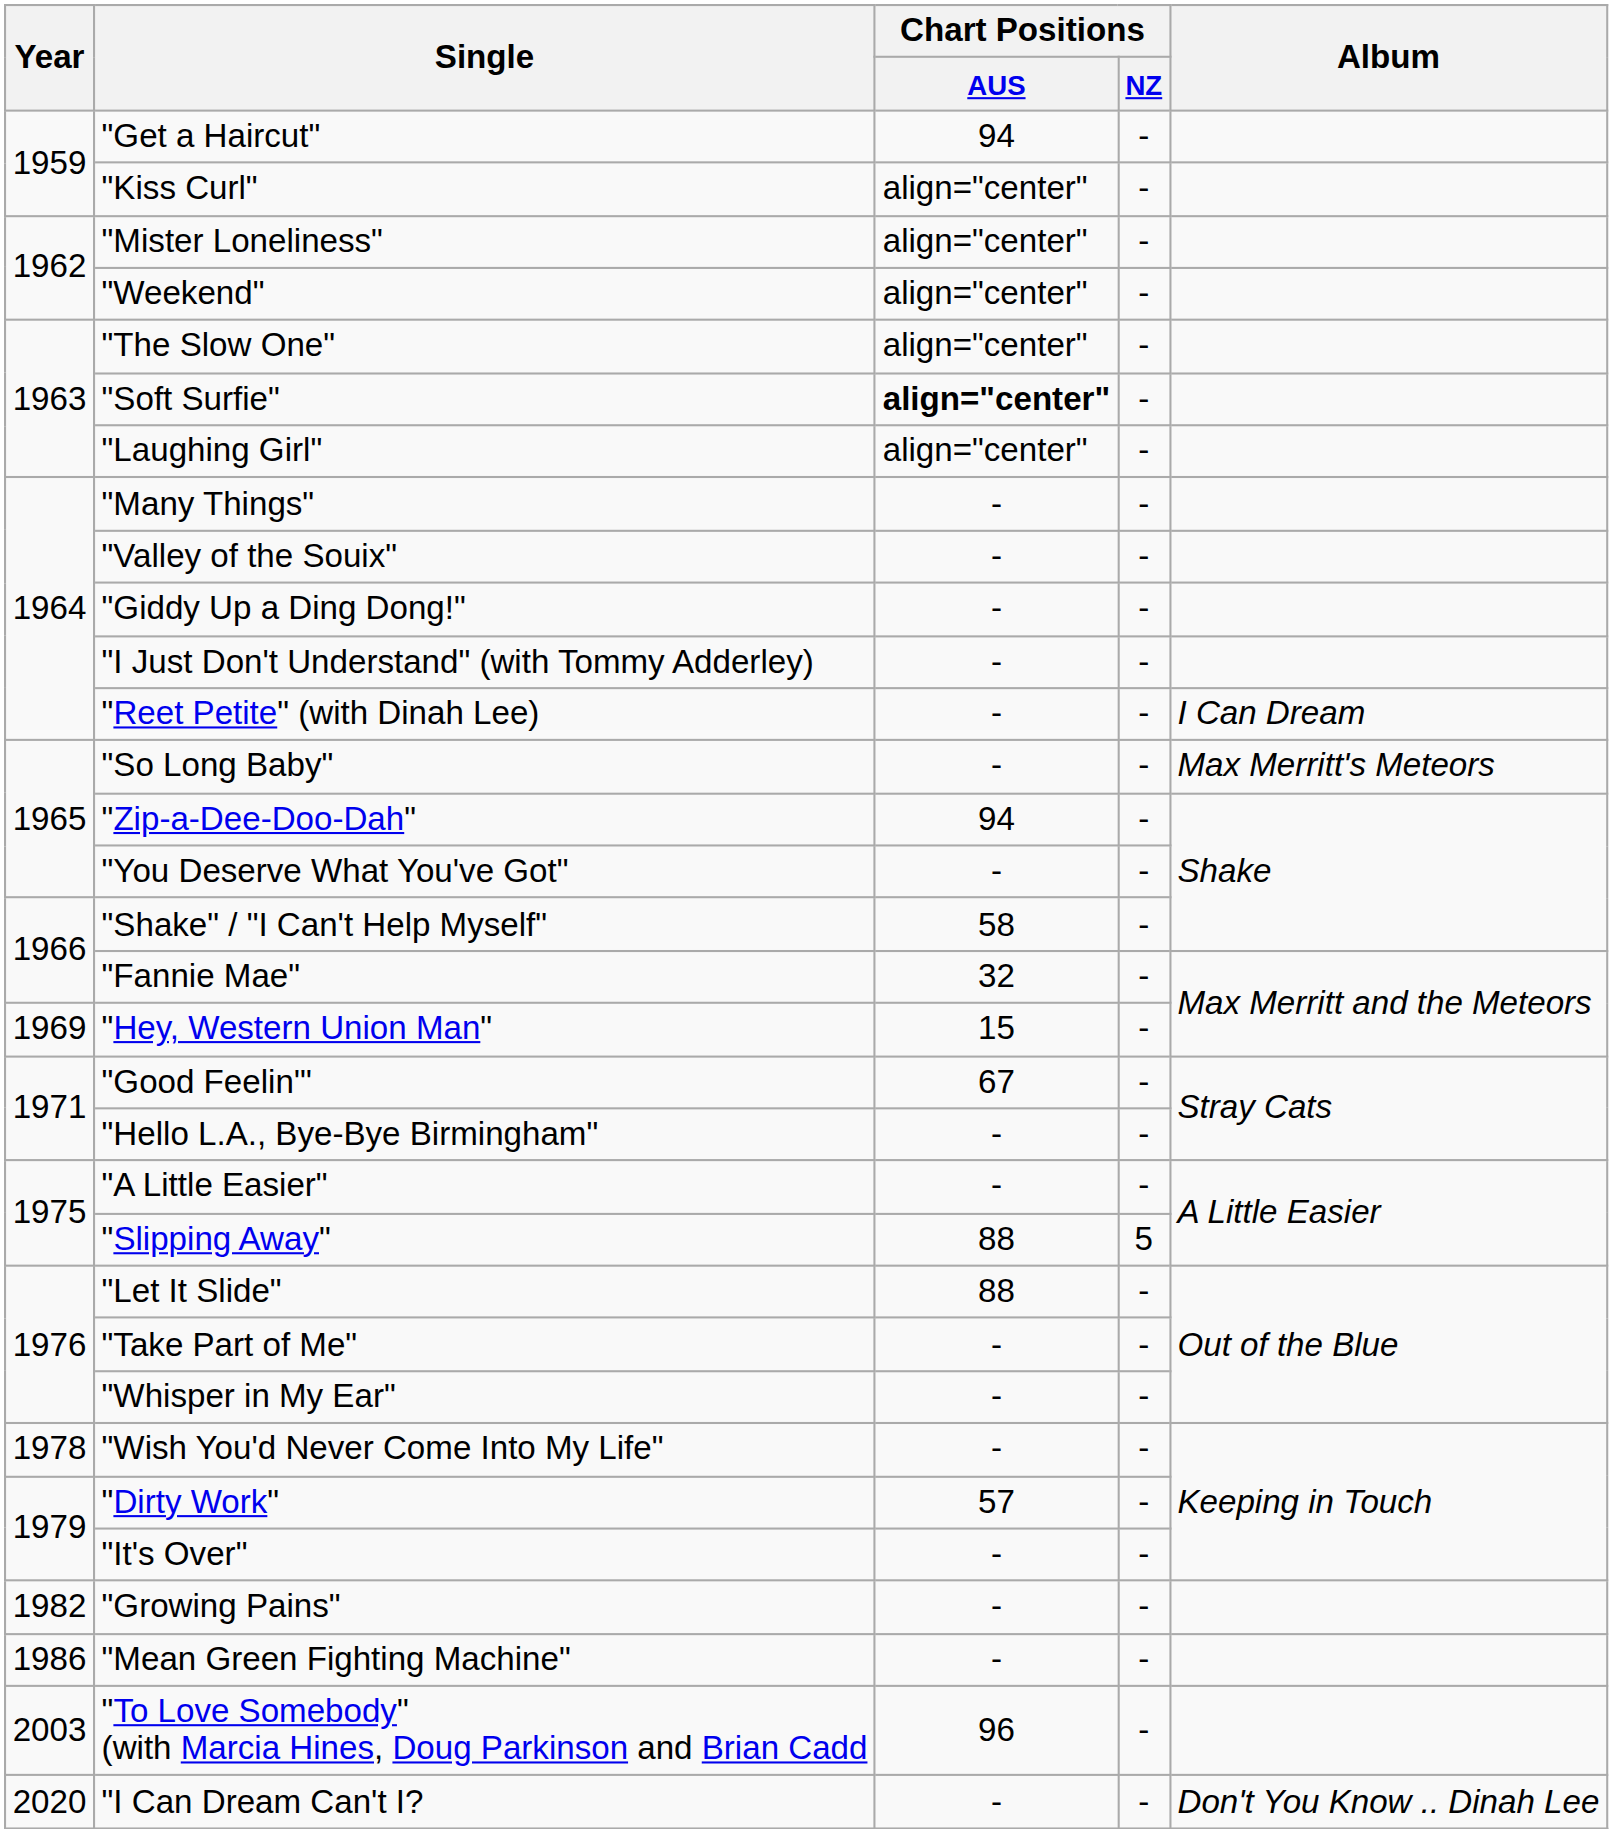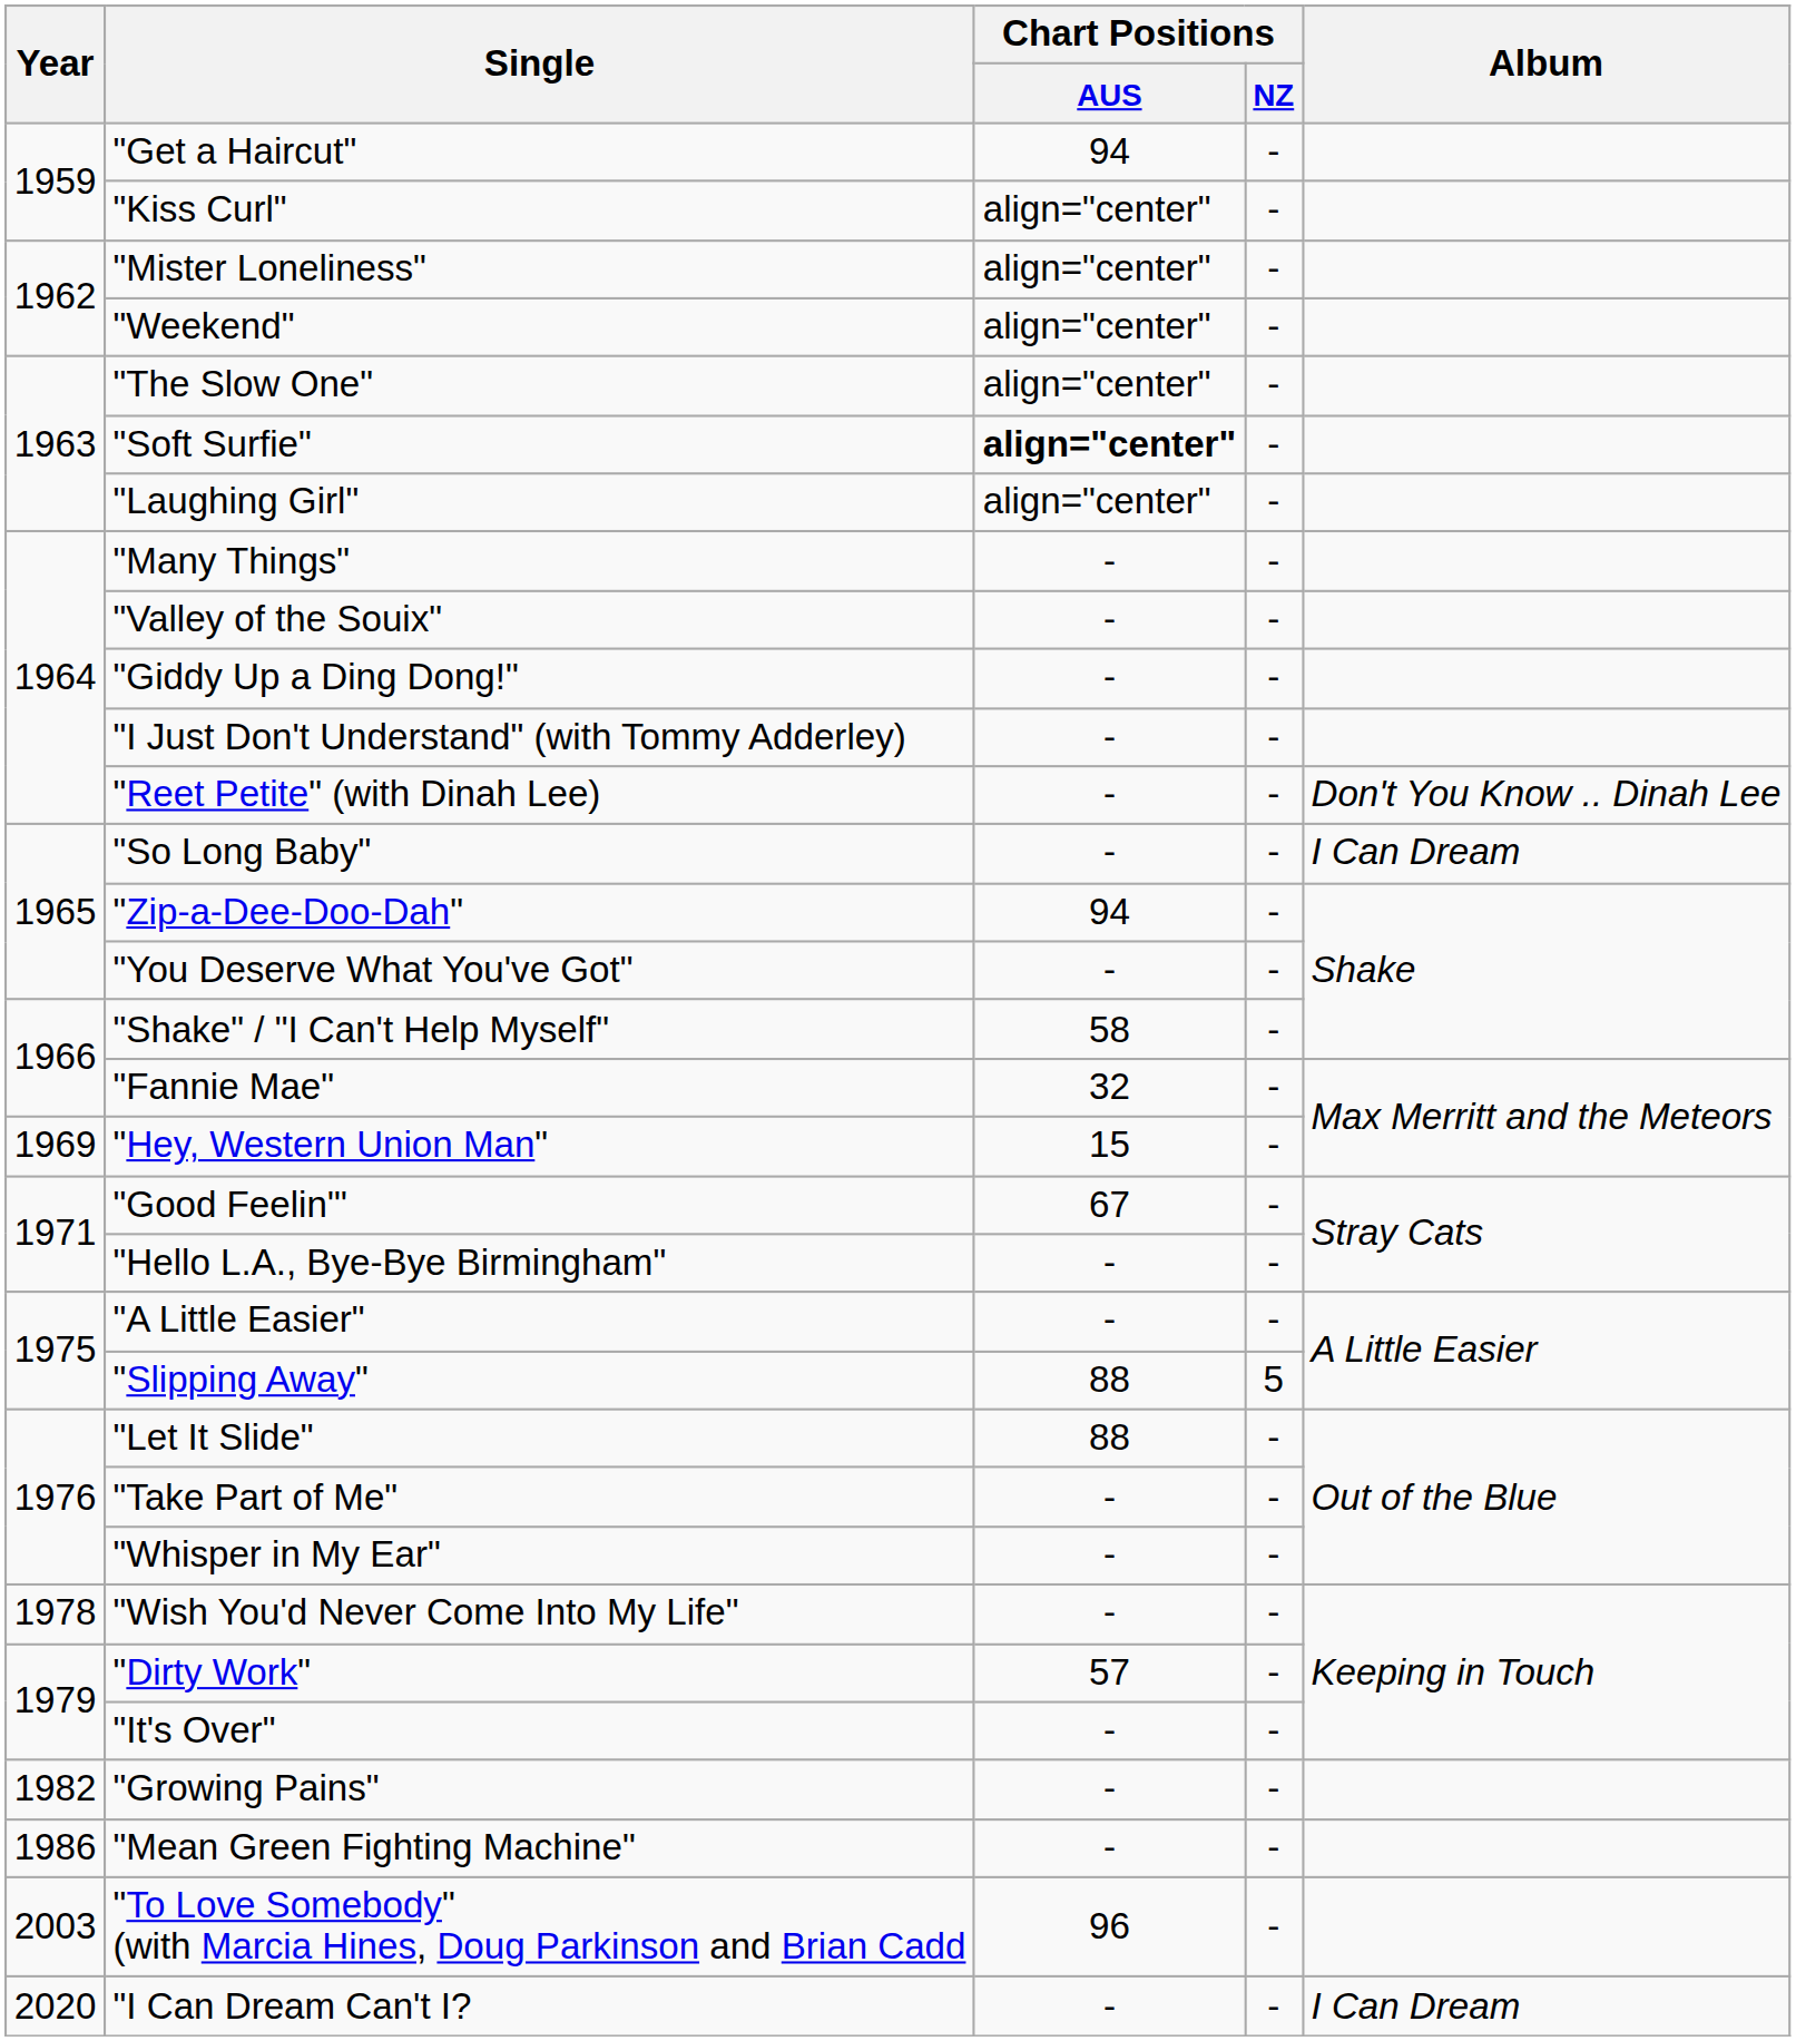 <table class="wikitable">
 <tr>
 <th rowspan="2">Year</th>
 <th rowspan="2">Single</th>
 <th colspan="2">Chart Positions</th>
 <th rowspan="2">Album</th>
 </tr>
 <tr>
 <th><small><a href='#'>AUS</a></small></th>
 <th><small><a href='#'>NZ</a></small></th>
 </tr>
 <tr>
 <td rowspan="2">1959</td>
 <td>"Get a Haircut"</td>
 <td align="center">94</td>
 <td align="center">-</td>
 <td></td>
 </tr>
 <tr>
 <td>"Kiss Curl"</td>
 <td>align="center"</td>
 <td align="center">-</td>
 <td></td>
 </tr>
 <tr>
 <td rowspan="2">1962</td>
 <td>"Mister Loneliness"</td>
 <td>align="center" </td>
 <td align="center">-</td>
 <td></td>
 </tr>
 <tr>
 <td>"Weekend"</td>
 <td>align="center"</td>
 <td align="center">-</td>
 <td></td>
 </tr>
 <tr>
 <td rowspan="3">1963</td>
 <td>"The Slow One"</td>
 <td>align="center"</td>
 <td align="center">-</td>
 <td></td>
 </tr>
 <tr>
 <td>"Soft Surfie"</td>
 <td><strong>align="center"</strong></td>
 <td align="center">-</td>
 <td></td>
 </tr>
 <tr>
 <td>"Laughing Girl"</td>
 <td>align="center"</td>
 <td align="center">-</td>
 <td></td>
 </tr>
 <tr>
 <td rowspan="5">1964</td>
 <td>"Many Things"</td>
 <td align="center">-</td>
 <td align="center">-</td>
 <td></td>
 </tr>
 <tr>
 <td>"Valley of the Souix"</td>
 <td align="center">-</td>
 <td align="center">-</td>
 <td></td>
 </tr>
 <tr>
 <td>"Giddy Up a Ding Dong!"</td>
 <td align="center">-</td>
 <td align="center">-</td>
 <td></td>
 </tr>
 <tr>
 <td>"I Just Don't Understand" (with Tommy Adderley)</td>
 <td align="center">-</td>
 <td align="center">-</td>
 <td></td>
 </tr>
 <tr>
 <td>"<a href='#'>Reet Petite</a>" (with Dinah Lee)</td>
 <td align="center">-</td>
 <td align="center">-</td>
-<td><em>I Can Dream</em></td>
+<td><em>Don't You Know .. Dinah Lee</em></td>
 </tr>
 <tr>
 <td rowspan="3">1965</td>
 <td>"So Long Baby"</td>
 <td align="center">-</td>
 <td align="center">-</td>
-<td><em>Max Merritt's Meteors</em></td>
+<td><em>I Can Dream</em></td>
 </tr>
 <tr>
 <td>"<a href='#'>Zip-a-Dee-Doo-Dah</a>"</td>
 <td align="center">94</td>
 <td align="center">-</td>
 <td rowspan="3"><em>Shake</em></td>
 </tr>
 <tr>
 <td>"You Deserve What You've Got"</td>
 <td align="center">-</td>
 <td align="center">-</td>
 </tr>
 <tr>
 <td rowspan="2">1966</td>
 <td>"Shake" / "I Can't Help Myself"</td>
 <td align="center">58</td>
 <td align="center">-</td>
 </tr>
 <tr>
 <td>"Fannie Mae"</td>
 <td align="center">32</td>
 <td align="center">-</td>
 <td rowspan="2"><em>Max Merritt and the Meteors</em></td>
 </tr>
 <tr>
 <td rowspan="1">1969</td>
 <td>"<a href='#'>Hey, Western Union Man</a>"</td>
 <td align="center">15</td>
 <td align="center">-</td>
 </tr>
 <tr>
 <td rowspan="2">1971</td>
 <td>"Good Feelin'"</td>
 <td align="center">67</td>
 <td align="center">-</td>
 <td rowspan="2"><em>Stray Cats</em></td>
 </tr>
 <tr>
 <td>"Hello L.A., Bye-Bye Birmingham"</td>
 <td align="center">-</td>
 <td align="center">-</td>
 </tr>
 <tr>
 <td rowspan="2">1975</td>
 <td>"A Little Easier"</td>
 <td align="center">-</td>
 <td align="center">-</td>
 <td rowspan="2"><em>A Little Easier</em></td>
 </tr>
 <tr>
 <td>"<a href='#'>Slipping Away</a>"</td>
 <td align="center">88</td>
 <td align="center">5</td>
 </tr>
 <tr>
 <td rowspan="3">1976</td>
 <td>"Let It Slide"</td>
 <td align="center">88</td>
 <td align="center">-</td>
 <td rowspan="3"><em>Out of the Blue</em></td>
 </tr>
 <tr>
 <td>"Take Part of Me"</td>
 <td align="center">-</td>
 <td align="center">-</td>
 </tr>
 <tr>
 <td>"Whisper in My Ear"</td>
 <td align="center">-</td>
 <td align="center">-</td>
 </tr>
 <tr>
 <td rowspan="1">1978</td>
 <td>"Wish You'd Never Come Into My Life"</td>
 <td align="center">-</td>
 <td align="center">-</td>
 <td rowspan="3"><em>Keeping in Touch</em></td>
 </tr>
 <tr>
 <td rowspan="2">1979</td>
 <td>"<a href='#'>Dirty Work</a>"</td>
 <td align="center">57</td>
 <td align="center">-</td>
 </tr>
 <tr>
 <td>"It's Over"</td>
 <td align="center">-</td>
 <td align="center">-</td>
 </tr>
 <tr>
 <td>1982</td>
 <td>"Growing Pains"</td>
 <td align="center">-</td>
 <td align="center">-</td>
 <td></td>
 </tr>
 <tr>
 <td>1986</td>
 <td>"Mean Green Fighting Machine"</td>
 <td align="center">-</td>
 <td align="center">-</td>
 <td></td>
 </tr>
 <tr>
 <td>2003</td>
 <td>"<a href='#'>To Love Somebody</a>" <br> (with <a href='#'>Marcia Hines</a>, <a href='#'>Doug Parkinson</a> and <a href='#'>Brian Cadd</a></td>
 <td align="center">96</td>
 <td align="center">-</td>
 <td></td>
 </tr>
 <tr>
 <td>2020</td>
 <td>"I Can Dream Can't I?</td>
 <td align="center">-</td>
 <td align="center">-</td>
-<td><em>Don't You Know .. Dinah Lee</em></td>
+<td><em>I Can Dream</em></td>
 </tr>
 <tr>
 </tr>
 </table>
